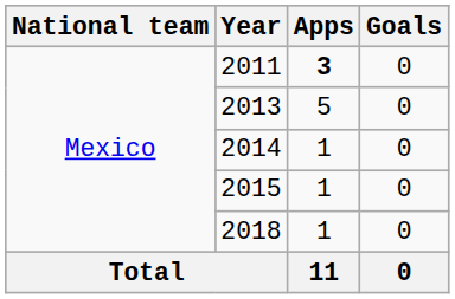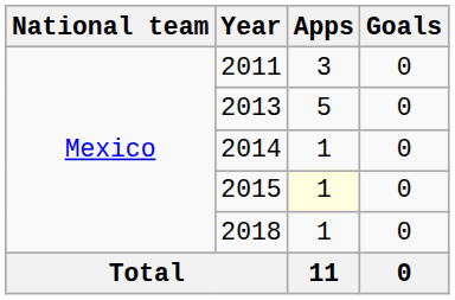 <table class="wikitable" style="text-align: center;">
 <tr>
 <th>National team</th>
 <th>Year</th>
 <th>Apps</th>
 <th>Goals</th>
 </tr>
 <tr>
 <td rowspan="5" valign="center"><a href='#'>Mexico</a></td>
 <td>2011</td>
-<td><strong>3</strong></td>
+<td>3</td>
 <td>0</td>
 </tr>
 <tr>
 <td>2013</td>
 <td>5</td>
 <td>0</td>
 </tr>
 <tr>
 <td>2014</td>
 <td>1</td>
 <td>0</td>
 </tr>
 <tr>
 <td>2015</td>
-<td>1</td>
+<td style="background: lightyellow;">1</td>
 <td>0</td>
 </tr>
 <tr>
 <td>2018</td>
 <td>1</td>
 <td>0</td>
 </tr>
 <tr>
 <th colspan="2">Total</th>
 <th>11</th>
 <th>0</th>
 </tr>
 </table>
